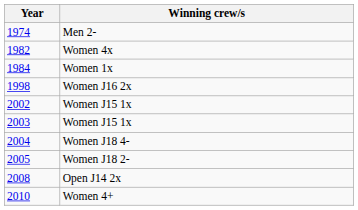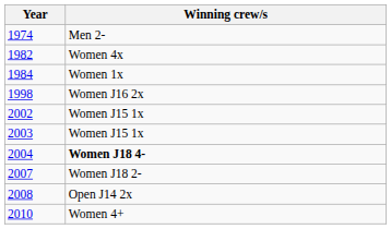 <table class="wikitable">
 <tr>
 <th width=70>Year</th>
 <th width=400>Winning crew/s</th>
 </tr>
 <tr>
 <td><a href='#'>1974</a></td>
 <td>Men 2-</td>
 </tr>
 <tr>
 <td><a href='#'>1982</a></td>
 <td>Women 4x</td>
 </tr>
 <tr>
 <td><a href='#'>1984</a></td>
 <td>Women 1x</td>
 </tr>
 <tr>
 <td><a href='#'>1998</a></td>
 <td>Women J16 2x</td>
 </tr>
 <tr>
 <td><a href='#'>2002</a></td>
 <td>Women J15 1x</td>
 </tr>
 <tr>
 <td><a href='#'>2003</a></td>
 <td>Women J15 1x</td>
 </tr>
 <tr>
 <td><a href='#'>2004</a></td>
-<td>Women J18 4-</td>
+<td><strong>Women J18 4-</strong></td>
 </tr>
 <tr>
-<td><a href='#'>2005</a></td>
+<td><a href='#'>2007</a></td>
 <td>Women J18 2-</td>
 </tr>
 <tr>
 <td><a href='#'>2008</a></td>
 <td>Open J14 2x</td>
 </tr>
 <tr>
 <td><a href='#'>2010</a></td>
 <td>Women 4+</td>
 </tr>
 </table>
